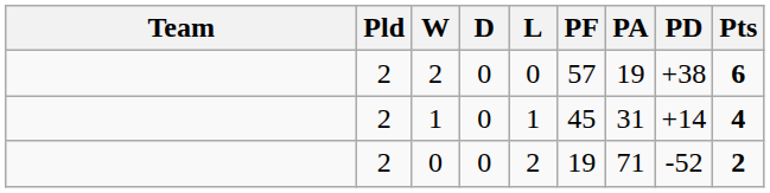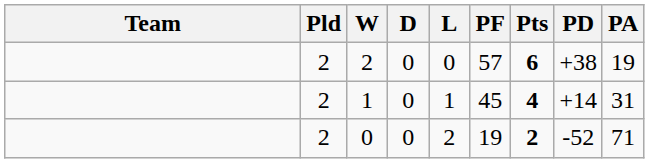 <table class="wikitable" style="text-align:center;">
 <tr>
 <th width="190">Team</th>
 <th width="20" abbr="Played">Pld</th>
 <th width="20" abbr="Won">W</th>
 <th width="20" abbr="Drawn">D</th>
 <th width="20" abbr="Lost">L</th>
 <th width="20" abbr="Points for">PF</th>
+<th width="20" abbr="Points">Pts</th>
+<th width="25" abbr="Points difference">PD</th>
 <th width="20" abbr="Points against">PA</th>
-<th width="25" abbr="Points difference">PD</th>
-<th width="20" abbr="Points">Pts</th>
 </tr>
 <tr style="background:">
 <td align="left"></td>
 <td>2</td>
 <td>2</td>
 <td>0</td>
 <td>0</td>
 <td>57</td>
+<td><strong>6</strong></td>
+<td>+38</td>
 <td>19</td>
-<td>+38</td>
-<td><strong>6</strong></td>
 </tr>
 <tr style="background:">
 <td align="left"></td>
 <td>2</td>
 <td>1</td>
 <td>0</td>
 <td>1</td>
 <td>45</td>
+<td><strong>4</strong></td>
+<td>+14</td>
 <td>31</td>
-<td>+14</td>
-<td><strong>4</strong></td>
 </tr>
 <tr>
 <td align="left"></td>
 <td>2</td>
 <td>0</td>
 <td>0</td>
 <td>2</td>
 <td>19</td>
+<td><strong>2</strong></td>
+<td>-52</td>
 <td>71</td>
-<td>-52</td>
-<td><strong>2</strong></td>
 </tr>
 </table>
